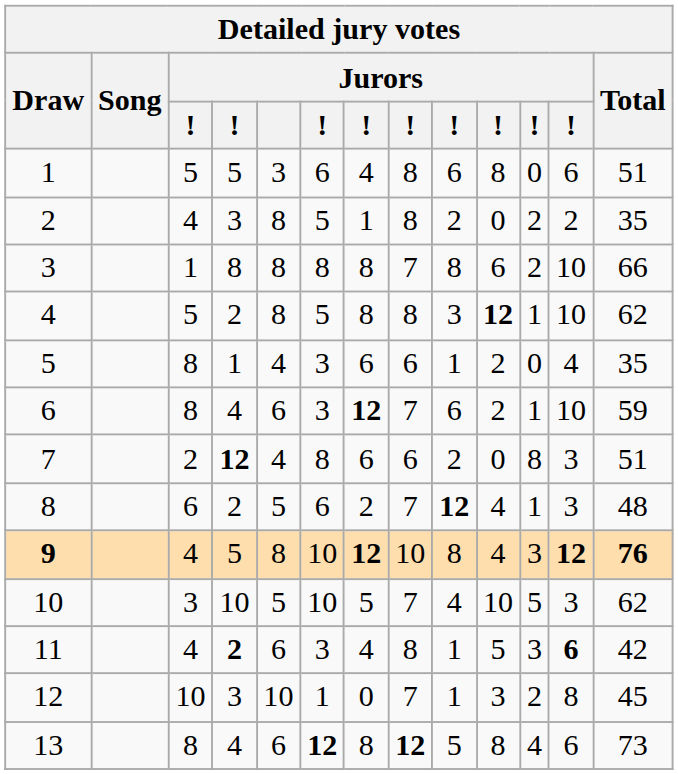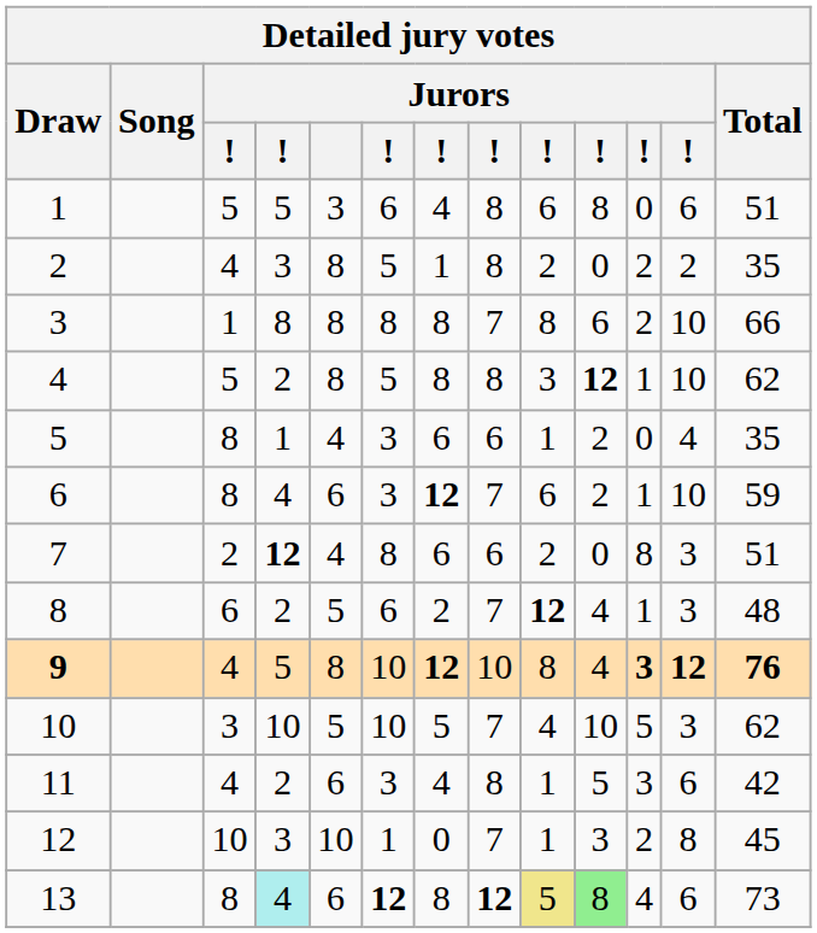 <table class="wikitable collapsible collapsed" style="float:right; margin:10px; text-align:center;">
 <tr>
 <th colspan="13">Detailed jury votes</th>
 </tr>
 <tr>
 <th rowspan="2">Draw</th>
 <th rowspan="2">Song</th>
 <th colspan="10">Jurors</th>
 <th rowspan="2">Total</th>
 </tr>
 <tr>
 <th>!</th>
 <th>!</th>
 <th></th>
 <th>!</th>
 <th>!</th>
 <th>!</th>
 <th>!</th>
 <th>!</th>
 <th>!</th>
 <th>!</th>
 </tr>
 <tr>
 <td>1</td>
 <td style="text-align:left;"></td>
 <td>5</td>
 <td>5</td>
 <td>3</td>
 <td>6</td>
 <td>4</td>
 <td>8</td>
 <td>6</td>
 <td>8</td>
 <td>0</td>
 <td>6</td>
 <td>51</td>
 </tr>
 <tr>
 <td>2</td>
 <td style="text-align:left;"></td>
 <td>4</td>
 <td>3</td>
 <td>8</td>
 <td>5</td>
 <td>1</td>
 <td>8</td>
 <td>2</td>
 <td>0</td>
 <td>2</td>
 <td>2</td>
 <td>35</td>
 </tr>
 <tr>
 <td>3</td>
 <td style="text-align:left;"></td>
 <td>1</td>
 <td>8</td>
 <td>8</td>
 <td>8</td>
 <td>8</td>
 <td>7</td>
 <td>8</td>
 <td>6</td>
 <td>2</td>
 <td>10</td>
 <td>66</td>
 </tr>
 <tr>
 <td>4</td>
 <td style="text-align:left;"></td>
 <td>5</td>
 <td>2</td>
 <td>8</td>
 <td>5</td>
 <td>8</td>
 <td>8</td>
 <td>3</td>
 <td><strong>12</strong></td>
 <td>1</td>
 <td>10</td>
 <td>62</td>
 </tr>
 <tr>
 <td>5</td>
 <td style="text-align:left;"></td>
 <td>8</td>
 <td>1</td>
 <td>4</td>
 <td>3</td>
 <td>6</td>
 <td>6</td>
 <td>1</td>
 <td>2</td>
 <td>0</td>
 <td>4</td>
 <td>35</td>
 </tr>
 <tr>
 <td>6</td>
 <td style="text-align:left;"></td>
 <td>8</td>
 <td>4</td>
 <td>6</td>
 <td>3</td>
 <td><strong>12</strong></td>
 <td>7</td>
 <td>6</td>
 <td>2</td>
 <td>1</td>
 <td>10</td>
 <td>59</td>
 </tr>
 <tr>
 <td>7</td>
 <td style="text-align:left;"></td>
 <td>2</td>
 <td><strong>12</strong></td>
 <td>4</td>
 <td>8</td>
 <td>6</td>
 <td>6</td>
 <td>2</td>
 <td>0</td>
 <td>8</td>
 <td>3</td>
 <td>51</td>
 </tr>
 <tr>
 <td>8</td>
 <td style="text-align:left;"></td>
 <td>6</td>
 <td>2</td>
 <td>5</td>
 <td>6</td>
 <td>2</td>
 <td>7</td>
 <td><strong>12</strong></td>
 <td>4</td>
 <td>1</td>
 <td>3</td>
 <td>48</td>
 </tr>
 <tr style="background: navajowhite;">
 <td><strong>9</strong></td>
 <td style="text-align:left;"><strong></strong></td>
 <td>4</td>
 <td>5</td>
 <td>8</td>
 <td>10</td>
 <td><strong>12</strong></td>
 <td>10</td>
 <td>8</td>
 <td>4</td>
-<td>3</td>
+<td><strong>3</strong></td>
 <td><strong>12</strong></td>
 <td><strong>76</strong></td>
 </tr>
 <tr>
 <td>10</td>
 <td style="text-align:left;"></td>
 <td>3</td>
 <td>10</td>
 <td>5</td>
 <td>10</td>
 <td>5</td>
 <td>7</td>
 <td>4</td>
 <td>10</td>
 <td>5</td>
 <td>3</td>
 <td>62</td>
 </tr>
 <tr>
 <td>11</td>
 <td style="text-align:left;"></td>
 <td>4</td>
-<td><strong>2</strong></td>
+<td>2</td>
 <td>6</td>
 <td>3</td>
 <td>4</td>
 <td>8</td>
 <td>1</td>
 <td>5</td>
 <td>3</td>
-<td><strong>6</strong></td>
+<td>6</td>
 <td>42</td>
 </tr>
 <tr>
 <td>12</td>
 <td style="text-align:left;"></td>
 <td>10</td>
 <td>3</td>
 <td>10</td>
 <td>1</td>
 <td>0</td>
 <td>7</td>
 <td>1</td>
 <td>3</td>
 <td>2</td>
 <td>8</td>
 <td>45</td>
 </tr>
 <tr>
 <td>13</td>
 <td style="text-align:left;"></td>
 <td>8</td>
-<td>4</td>
+<td style="background: paleturquoise;">4</td>
 <td>6</td>
 <td><strong>12</strong></td>
 <td>8</td>
 <td><strong>12</strong></td>
-<td>5</td>
-<td>8</td>
+<td style="background: khaki;">5</td>
+<td style="background: lightgreen;">8</td>
 <td>4</td>
 <td>6</td>
 <td>73</td>
 </tr>
 </table>
